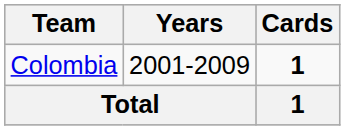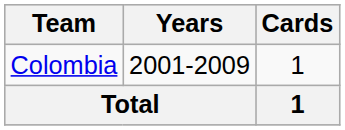 <table class="wikitable" style="text-align:center">
 <tr>
 <th>Team</th>
 <th>Years</th>
 <th>Cards</th>
 </tr>
 <tr>
 <td><a href='#'>Colombia</a></td>
 <td>2001-2009</td>
-<td><strong>1</strong></td>
+<td>1</td>
 </tr>
 <tr>
 <th colspan=2>Total</th>
 <th>1</th>
 </tr>
 </table>
